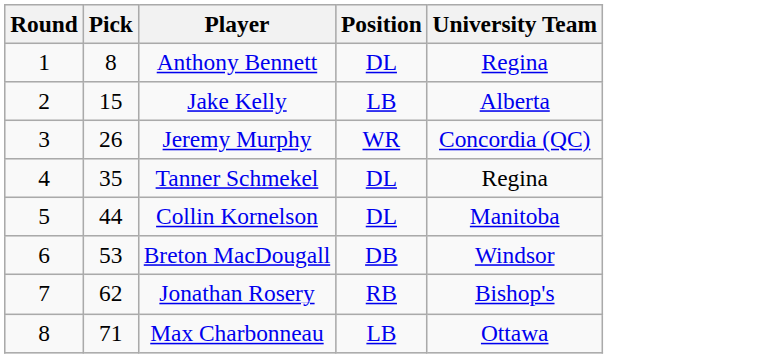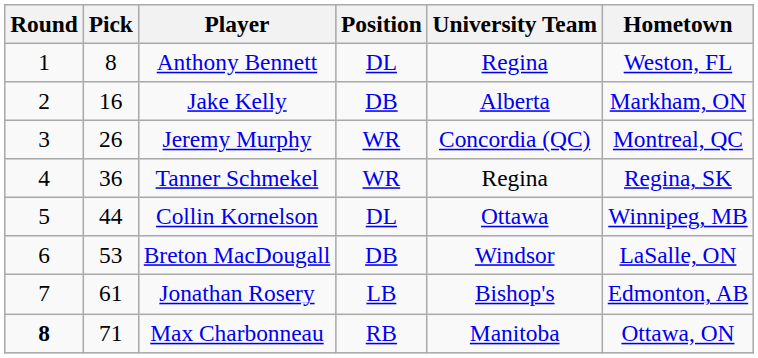 <table class="wikitable" style="font-size: 95%;">
 <tr>
 <th scope="col">Round</th>
 <th scope="col">Pick</th>
 <th scope="col">Player</th>
 <th scope="col">Position</th>
 <th scope="col">University Team</th>
+<th scope="col">Hometown</th>
 </tr>
 <tr align="center">
 <td align=center>1</td>
 <td>8</td>
 <td><a href='#'>Anthony Bennett</a></td>
 <td><a href='#'>DL</a></td>
 <td><a href='#'>Regina</a></td>
+<td><a href='#'>Weston, FL</a></td>
 </tr>
 <tr align="center">
 <td align=center>2</td>
-<td>15</td>
+<td>16</td>
 <td><a href='#'>Jake Kelly</a></td>
-<td><a href='#'>LB</a></td>
+<td><a href='#'>DB</a></td>
 <td><a href='#'>Alberta</a></td>
+<td><a href='#'>Markham, ON</a></td>
 </tr>
 <tr align="center">
 <td align=center>3</td>
 <td>26</td>
 <td><a href='#'>Jeremy Murphy</a></td>
 <td><a href='#'>WR</a></td>
 <td><a href='#'>Concordia (QC)</a></td>
+<td><a href='#'>Montreal, QC</a></td>
 </tr>
 <tr align="center">
 <td align=center>4</td>
-<td>35</td>
+<td>36</td>
 <td><a href='#'>Tanner Schmekel</a></td>
-<td><a href='#'>DL</a></td>
+<td><a href='#'>WR</a></td>
 <td>Regina</td>
+<td><a href='#'>Regina, SK</a></td>
 </tr>
 <tr align="center">
 <td align=center>5</td>
 <td>44</td>
 <td><a href='#'>Collin Kornelson</a></td>
 <td><a href='#'>DL</a></td>
-<td><a href='#'>Manitoba</a></td>
+<td><a href='#'>Ottawa</a></td>
+<td><a href='#'>Winnipeg, MB</a></td>
 </tr>
 <tr align="center">
 <td align=center>6</td>
 <td>53</td>
 <td><a href='#'>Breton MacDougall</a></td>
 <td><a href='#'>DB</a></td>
 <td><a href='#'>Windsor</a></td>
+<td><a href='#'>LaSalle, ON</a></td>
 </tr>
 <tr align="center">
 <td align=center>7</td>
-<td>62</td>
+<td>61</td>
 <td><a href='#'>Jonathan Rosery</a></td>
-<td><a href='#'>RB</a></td>
+<td><a href='#'>LB</a></td>
 <td><a href='#'>Bishop's</a></td>
+<td><a href='#'>Edmonton, AB</a></td>
 </tr>
 <tr align="center">
-<td align=center>8</td>
+<td align=center><strong>8</strong></td>
 <td>71</td>
 <td><a href='#'>Max Charbonneau</a></td>
-<td><a href='#'>LB</a></td>
-<td><a href='#'>Ottawa</a></td>
+<td><a href='#'>RB</a></td>
+<td><a href='#'>Manitoba</a></td>
+<td><a href='#'>Ottawa, ON</a></td>
 </tr>
 </table>
